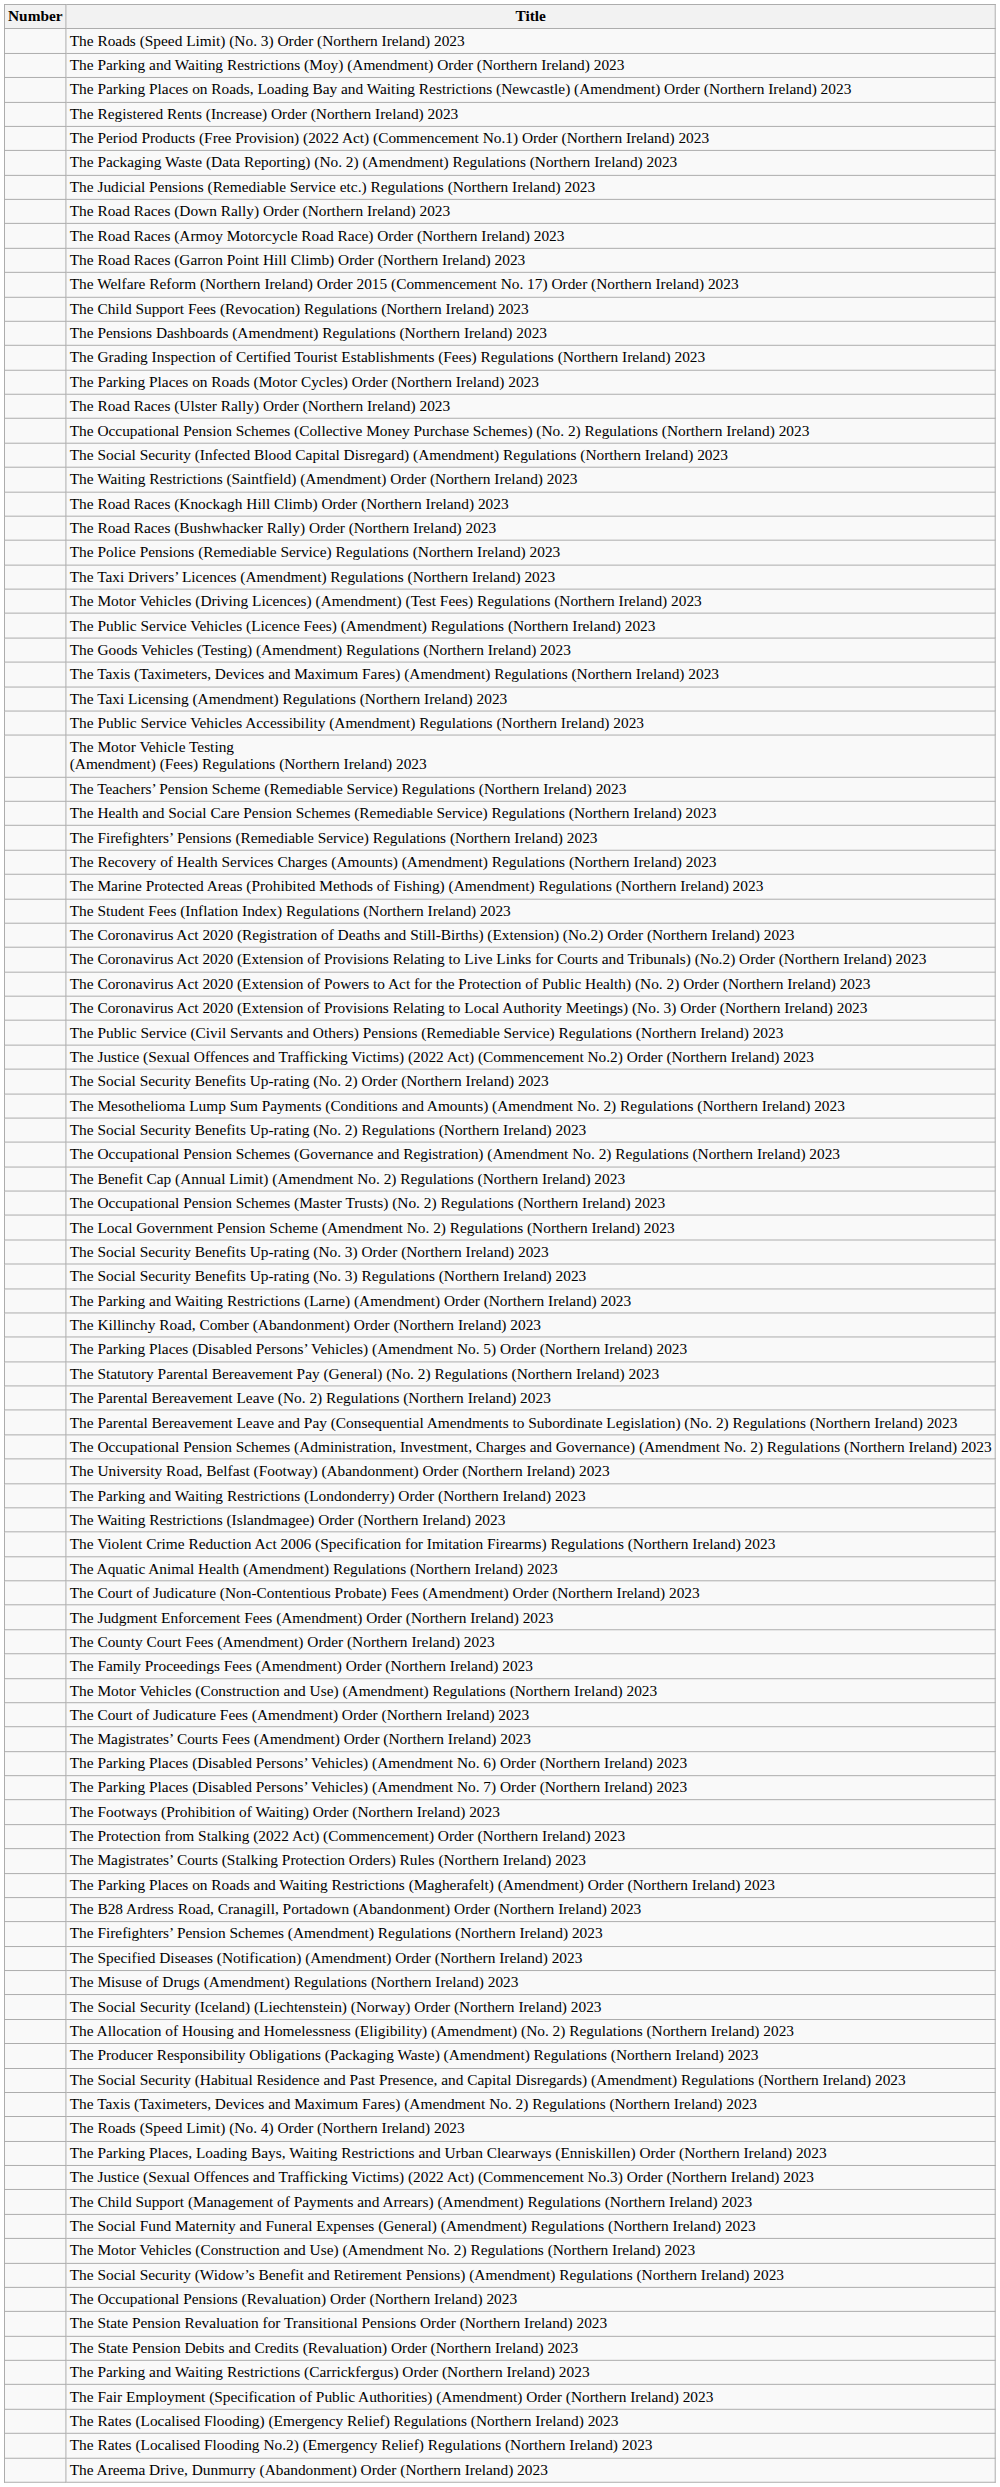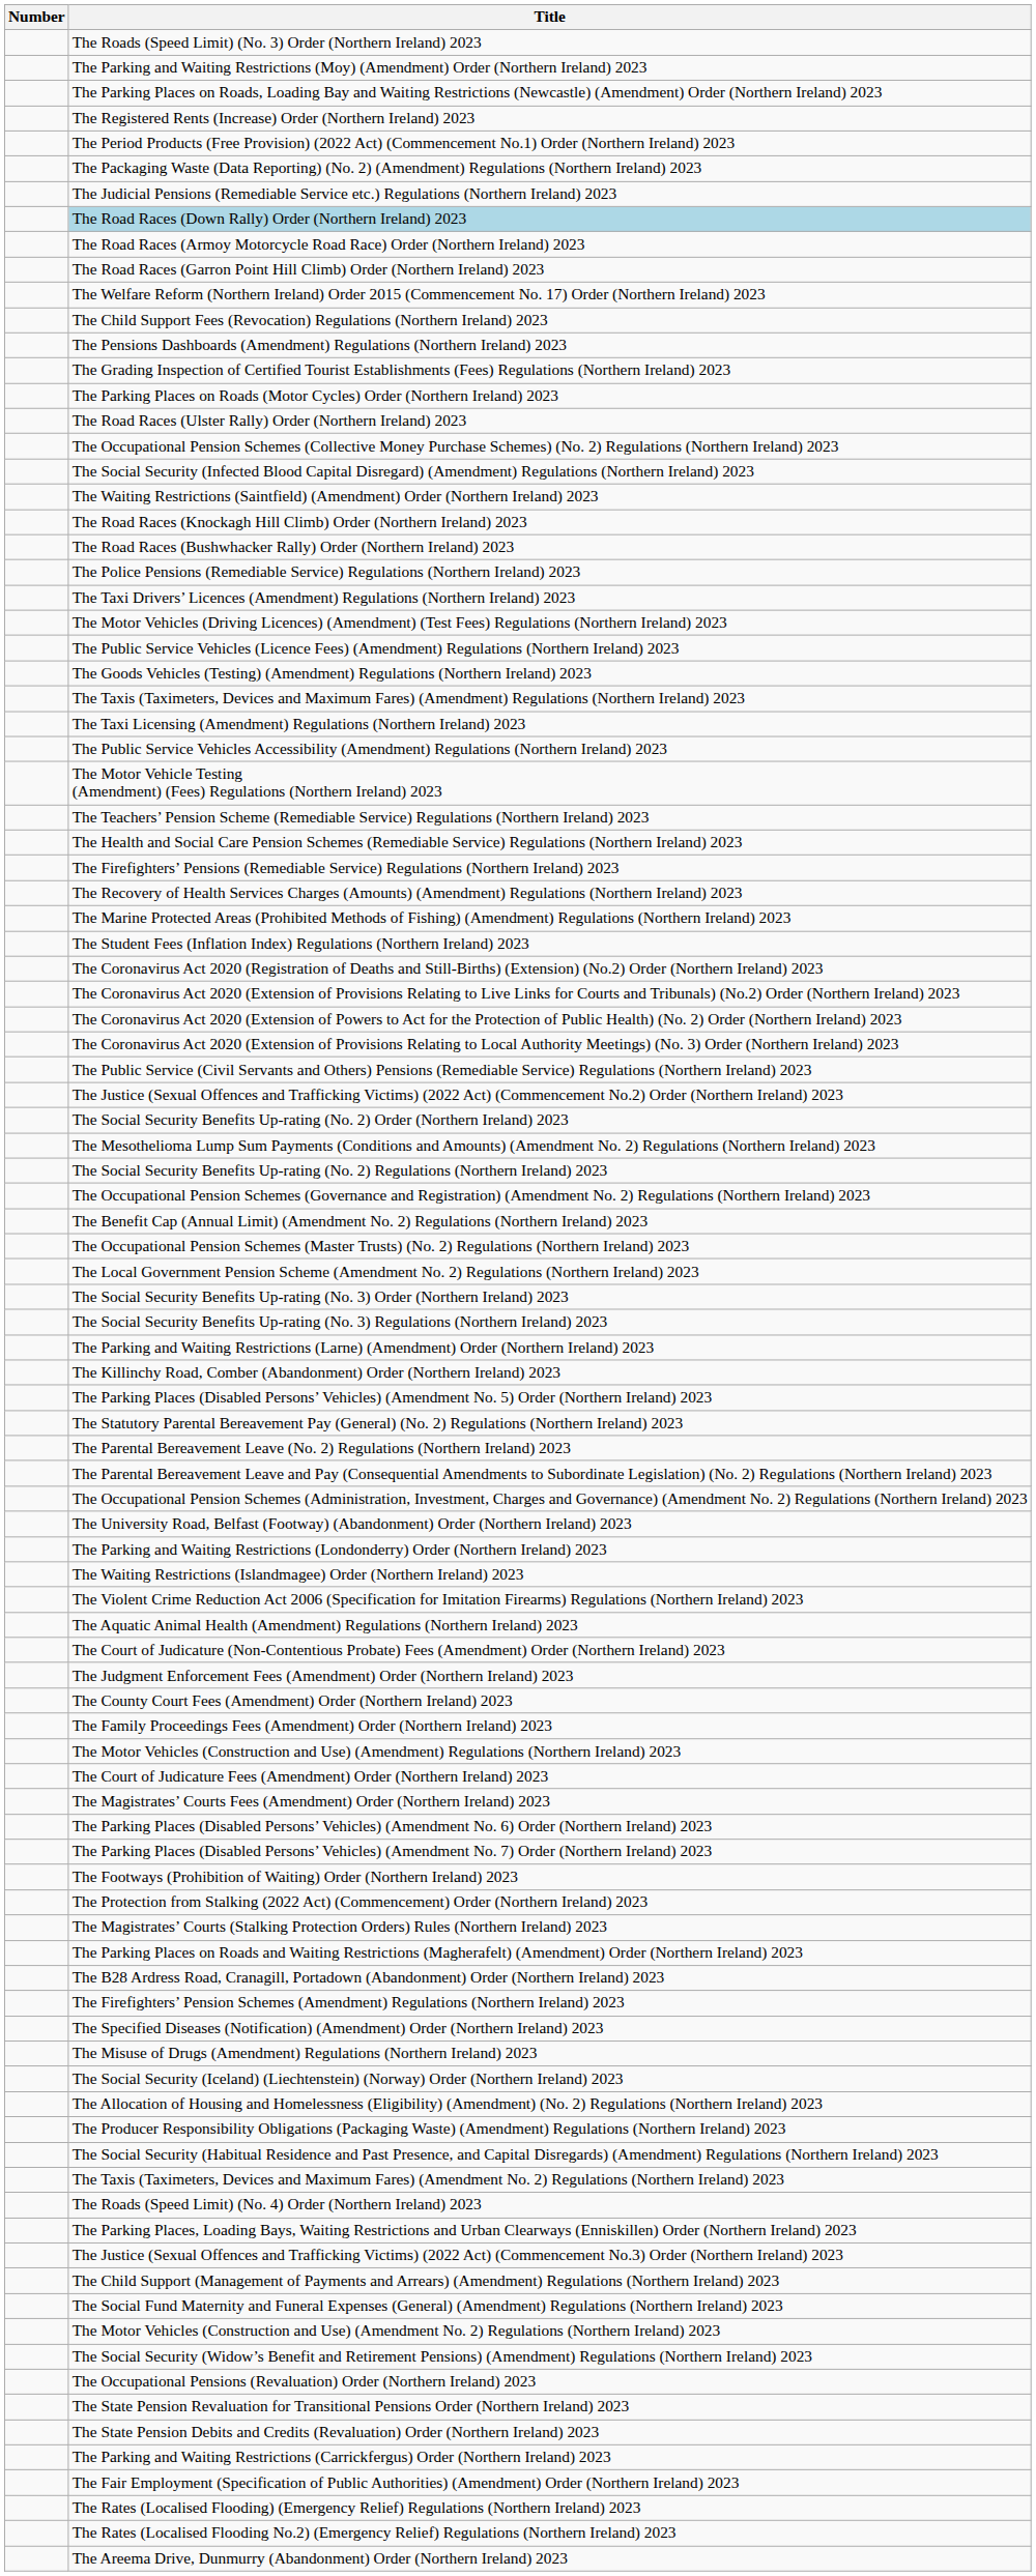 <table class="wikitable collapsible">
 <tr>
 <th>Number</th>
 <th>Title</th>
 </tr>
 <tr>
 <td></td>
 <td>The Roads (Speed Limit) (No. 3) Order (Northern Ireland) 2023</td>
 </tr>
 <tr>
 <td></td>
 <td>The Parking and Waiting Restrictions (Moy) (Amendment) Order (Northern Ireland) 2023</td>
 </tr>
 <tr>
 <td></td>
 <td>The Parking Places on Roads, Loading Bay and Waiting Restrictions (Newcastle) (Amendment) Order (Northern Ireland) 2023</td>
 </tr>
 <tr>
 <td></td>
 <td>The Registered Rents (Increase) Order (Northern Ireland) 2023</td>
 </tr>
 <tr>
 <td></td>
 <td>The Period Products (Free Provision) (2022 Act) (Commencement No.1) Order (Northern Ireland) 2023</td>
 </tr>
 <tr>
 <td></td>
 <td>The Packaging Waste (Data Reporting) (No. 2) (Amendment) Regulations (Northern Ireland) 2023</td>
 </tr>
 <tr>
 <td></td>
 <td>The Judicial Pensions (Remediable Service etc.) Regulations (Northern Ireland) 2023</td>
 </tr>
 <tr>
 <td></td>
-<td>The Road Races (Down Rally) Order (Northern Ireland) 2023</td>
+<td style="background: lightblue;">The Road Races (Down Rally) Order (Northern Ireland) 2023</td>
 </tr>
 <tr>
 <td></td>
 <td>The Road Races (Armoy Motorcycle Road Race) Order (Northern Ireland) 2023</td>
 </tr>
 <tr>
 <td></td>
 <td>The Road Races (Garron Point Hill Climb) Order (Northern Ireland) 2023</td>
 </tr>
 <tr>
 <td></td>
 <td>The Welfare Reform (Northern Ireland) Order 2015 (Commencement No. 17) Order (Northern Ireland) 2023</td>
 </tr>
 <tr>
 <td></td>
 <td>The Child Support Fees (Revocation) Regulations (Northern Ireland) 2023</td>
 </tr>
 <tr>
 <td></td>
 <td>The Pensions Dashboards (Amendment) Regulations (Northern Ireland) 2023</td>
 </tr>
 <tr>
 <td></td>
 <td>The Grading Inspection of Certified Tourist Establishments (Fees) Regulations (Northern Ireland) 2023</td>
 </tr>
 <tr>
 <td></td>
 <td>The Parking Places on Roads (Motor Cycles) Order (Northern Ireland) 2023</td>
 </tr>
 <tr>
 <td></td>
 <td>The Road Races (Ulster Rally) Order (Northern Ireland) 2023</td>
 </tr>
 <tr>
 <td></td>
 <td>The Occupational Pension Schemes (Collective Money Purchase Schemes) (No. 2) Regulations (Northern Ireland) 2023</td>
 </tr>
 <tr>
 <td></td>
 <td>The Social Security (Infected Blood Capital Disregard) (Amendment) Regulations (Northern Ireland) 2023</td>
 </tr>
 <tr>
 <td></td>
 <td>The Waiting Restrictions (Saintfield) (Amendment) Order (Northern Ireland) 2023</td>
 </tr>
 <tr>
 <td></td>
 <td>The Road Races (Knockagh Hill Climb) Order (Northern Ireland) 2023</td>
 </tr>
 <tr>
 <td></td>
 <td>The Road Races (Bushwhacker Rally) Order (Northern Ireland) 2023</td>
 </tr>
 <tr>
 <td></td>
 <td>The Police Pensions (Remediable Service) Regulations (Northern Ireland) 2023</td>
 </tr>
 <tr>
 <td></td>
 <td>The Taxi Drivers’ Licences (Amendment) Regulations (Northern Ireland) 2023</td>
 </tr>
 <tr>
 <td></td>
 <td>The Motor Vehicles (Driving Licences) (Amendment) (Test Fees) Regulations (Northern Ireland) 2023</td>
 </tr>
 <tr>
 <td></td>
 <td>The Public Service Vehicles (Licence Fees) (Amendment) Regulations (Northern Ireland) 2023</td>
 </tr>
 <tr>
 <td></td>
 <td>The Goods Vehicles (Testing) (Amendment) Regulations (Northern Ireland) 2023</td>
 </tr>
 <tr>
 <td></td>
 <td>The Taxis (Taximeters, Devices and Maximum Fares) (Amendment) Regulations (Northern Ireland) 2023</td>
 </tr>
 <tr>
 <td></td>
 <td>The Taxi Licensing (Amendment) Regulations (Northern Ireland) 2023</td>
 </tr>
 <tr>
 <td></td>
 <td>The Public Service Vehicles Accessibility (Amendment) Regulations (Northern Ireland) 2023</td>
 </tr>
 <tr>
 <td></td>
 <td>The Motor Vehicle Testing<br>(Amendment) (Fees) Regulations (Northern Ireland) 2023</td>
 </tr>
 <tr>
 <td></td>
 <td>The Teachers’ Pension Scheme (Remediable Service) Regulations (Northern Ireland) 2023</td>
 </tr>
 <tr>
 <td></td>
 <td>The Health and Social Care Pension Schemes (Remediable Service) Regulations (Northern Ireland) 2023</td>
 </tr>
 <tr>
 <td></td>
 <td>The Firefighters’ Pensions (Remediable Service) Regulations (Northern Ireland) 2023</td>
 </tr>
 <tr>
 <td></td>
 <td>The Recovery of Health Services Charges (Amounts) (Amendment) Regulations (Northern Ireland) 2023</td>
 </tr>
 <tr>
 <td></td>
 <td>The Marine Protected Areas (Prohibited Methods of Fishing) (Amendment) Regulations (Northern Ireland) 2023</td>
 </tr>
 <tr>
 <td></td>
 <td>The Student Fees (Inflation Index) Regulations (Northern Ireland) 2023</td>
 </tr>
 <tr>
 <td></td>
 <td>The Coronavirus Act 2020 (Registration of Deaths and Still-Births) (Extension) (No.2) Order (Northern Ireland) 2023</td>
 </tr>
 <tr>
 <td></td>
 <td>The Coronavirus Act 2020 (Extension of Provisions Relating to Live Links for Courts and Tribunals) (No.2) Order (Northern Ireland) 2023</td>
 </tr>
 <tr>
 <td></td>
 <td>The Coronavirus Act 2020 (Extension of Powers to Act for the Protection of Public Health) (No. 2) Order (Northern Ireland) 2023</td>
 </tr>
 <tr>
 <td></td>
 <td>The Coronavirus Act 2020 (Extension of Provisions Relating to Local Authority Meetings) (No. 3) Order (Northern Ireland) 2023</td>
 </tr>
 <tr>
 <td></td>
 <td>The Public Service (Civil Servants and Others) Pensions (Remediable Service) Regulations (Northern Ireland) 2023</td>
 </tr>
 <tr>
 <td></td>
 <td>The Justice (Sexual Offences and Trafficking Victims) (2022 Act) (Commencement No.2) Order (Northern Ireland) 2023</td>
 </tr>
 <tr>
 <td></td>
 <td>The Social Security Benefits Up-rating (No. 2) Order (Northern Ireland) 2023</td>
 </tr>
 <tr>
 <td></td>
 <td>The Mesothelioma Lump Sum Payments (Conditions and Amounts) (Amendment No. 2) Regulations (Northern Ireland) 2023</td>
 </tr>
 <tr>
 <td></td>
 <td>The Social Security Benefits Up-rating (No. 2) Regulations (Northern Ireland) 2023</td>
 </tr>
 <tr>
 <td></td>
 <td>The Occupational Pension Schemes (Governance and Registration) (Amendment No. 2) Regulations (Northern Ireland) 2023</td>
 </tr>
 <tr>
 <td></td>
 <td>The Benefit Cap (Annual Limit) (Amendment No. 2) Regulations (Northern Ireland) 2023</td>
 </tr>
 <tr>
 <td></td>
 <td>The Occupational Pension Schemes (Master Trusts) (No. 2) Regulations (Northern Ireland) 2023</td>
 </tr>
 <tr>
 <td></td>
 <td>The Local Government Pension Scheme (Amendment No. 2) Regulations (Northern Ireland) 2023</td>
 </tr>
 <tr>
 <td></td>
 <td>The Social Security Benefits Up-rating (No. 3) Order (Northern Ireland) 2023</td>
 </tr>
 <tr>
 <td></td>
 <td>The Social Security Benefits Up-rating (No. 3) Regulations (Northern Ireland) 2023</td>
 </tr>
 <tr>
 <td></td>
 <td>The Parking and Waiting Restrictions (Larne) (Amendment) Order (Northern Ireland) 2023</td>
 </tr>
 <tr>
 <td></td>
 <td>The Killinchy Road, Comber (Abandonment) Order (Northern Ireland) 2023</td>
 </tr>
 <tr>
 <td></td>
 <td>The Parking Places (Disabled Persons’ Vehicles) (Amendment No. 5) Order (Northern Ireland) 2023</td>
 </tr>
 <tr>
 <td></td>
 <td>The Statutory Parental Bereavement Pay (General) (No. 2) Regulations (Northern Ireland) 2023</td>
 </tr>
 <tr>
 <td></td>
 <td>The Parental Bereavement Leave (No. 2) Regulations (Northern Ireland) 2023</td>
 </tr>
 <tr>
 <td></td>
 <td>The Parental Bereavement Leave and Pay (Consequential Amendments to Subordinate Legislation) (No. 2) Regulations (Northern Ireland) 2023</td>
 </tr>
 <tr>
 <td></td>
 <td>The Occupational Pension Schemes (Administration, Investment, Charges and Governance) (Amendment No. 2) Regulations (Northern Ireland) 2023</td>
 </tr>
 <tr>
 <td></td>
 <td>The University Road, Belfast (Footway) (Abandonment) Order (Northern Ireland) 2023</td>
 </tr>
 <tr>
 <td></td>
 <td>The Parking and Waiting Restrictions (Londonderry) Order (Northern Ireland) 2023</td>
 </tr>
 <tr>
 <td></td>
 <td>The Waiting Restrictions (Islandmagee) Order (Northern Ireland) 2023</td>
 </tr>
 <tr>
 <td></td>
 <td>The Violent Crime Reduction Act 2006 (Specification for Imitation Firearms) Regulations (Northern Ireland) 2023</td>
 </tr>
 <tr>
 <td></td>
 <td>The Aquatic Animal Health (Amendment) Regulations (Northern Ireland) 2023</td>
 </tr>
 <tr>
 <td></td>
 <td>The Court of Judicature (Non-Contentious Probate) Fees (Amendment) Order (Northern Ireland) 2023</td>
 </tr>
 <tr>
 <td></td>
 <td>The Judgment Enforcement Fees (Amendment) Order (Northern Ireland) 2023</td>
 </tr>
 <tr>
 <td></td>
 <td>The County Court Fees (Amendment) Order (Northern Ireland) 2023</td>
 </tr>
 <tr>
 <td></td>
 <td>The Family Proceedings Fees (Amendment) Order (Northern Ireland) 2023</td>
 </tr>
 <tr>
 <td></td>
 <td>The Motor Vehicles (Construction and Use) (Amendment) Regulations (Northern Ireland) 2023</td>
 </tr>
 <tr>
 <td></td>
 <td>The Court of Judicature Fees (Amendment) Order (Northern Ireland) 2023</td>
 </tr>
 <tr>
 <td></td>
 <td>The Magistrates’ Courts Fees (Amendment) Order (Northern Ireland) 2023</td>
 </tr>
 <tr>
 <td></td>
 <td>The Parking Places (Disabled Persons’ Vehicles) (Amendment No. 6) Order (Northern Ireland) 2023</td>
 </tr>
 <tr>
 <td></td>
 <td>The Parking Places (Disabled Persons’ Vehicles) (Amendment No. 7) Order (Northern Ireland) 2023</td>
 </tr>
 <tr>
 <td></td>
 <td>The Footways (Prohibition of Waiting) Order (Northern Ireland) 2023</td>
 </tr>
 <tr>
 <td></td>
 <td>The Protection from Stalking (2022 Act) (Commencement) Order (Northern Ireland) 2023</td>
 </tr>
 <tr>
 <td></td>
 <td>The Magistrates’ Courts (Stalking Protection Orders) Rules (Northern Ireland) 2023</td>
 </tr>
 <tr>
 <td></td>
 <td>The Parking Places on Roads and Waiting Restrictions (Magherafelt) (Amendment) Order (Northern Ireland) 2023</td>
 </tr>
 <tr>
 <td></td>
 <td>The B28 Ardress Road, Cranagill, Portadown (Abandonment) Order (Northern Ireland) 2023</td>
 </tr>
 <tr>
 <td></td>
 <td>The Firefighters’ Pension Schemes (Amendment) Regulations (Northern Ireland) 2023</td>
 </tr>
 <tr>
 <td></td>
 <td>The Specified Diseases (Notification) (Amendment) Order (Northern Ireland) 2023</td>
 </tr>
 <tr>
 <td></td>
 <td>The Misuse of Drugs (Amendment) Regulations (Northern Ireland) 2023</td>
 </tr>
 <tr>
 <td></td>
 <td>The Social Security (Iceland) (Liechtenstein) (Norway) Order (Northern Ireland) 2023</td>
 </tr>
 <tr>
 <td></td>
 <td>The Allocation of Housing and Homelessness (Eligibility) (Amendment) (No. 2) Regulations (Northern Ireland) 2023</td>
 </tr>
 <tr>
 <td></td>
 <td>The Producer Responsibility Obligations (Packaging Waste) (Amendment) Regulations (Northern Ireland) 2023</td>
 </tr>
 <tr>
 <td></td>
 <td>The Social Security (Habitual Residence and Past Presence, and Capital Disregards) (Amendment) Regulations (Northern Ireland) 2023</td>
 </tr>
 <tr>
 <td></td>
 <td>The Taxis (Taximeters, Devices and Maximum Fares) (Amendment No. 2) Regulations (Northern Ireland) 2023</td>
 </tr>
 <tr>
 <td></td>
 <td>The Roads (Speed Limit) (No. 4) Order (Northern Ireland) 2023</td>
 </tr>
 <tr>
 <td></td>
 <td>The Parking Places, Loading Bays, Waiting Restrictions and Urban Clearways (Enniskillen) Order (Northern Ireland) 2023</td>
 </tr>
 <tr>
 <td></td>
 <td>The Justice (Sexual Offences and Trafficking Victims) (2022 Act) (Commencement No.3) Order (Northern Ireland) 2023</td>
 </tr>
 <tr>
 <td></td>
 <td>The Child Support (Management of Payments and Arrears) (Amendment) Regulations (Northern Ireland) 2023</td>
 </tr>
 <tr>
 <td></td>
 <td>The Social Fund Maternity and Funeral Expenses (General) (Amendment) Regulations (Northern Ireland) 2023</td>
 </tr>
 <tr>
 <td></td>
 <td>The Motor Vehicles (Construction and Use) (Amendment No. 2) Regulations (Northern Ireland) 2023</td>
 </tr>
 <tr>
 <td></td>
 <td>The Social Security (Widow’s Benefit and Retirement Pensions) (Amendment) Regulations (Northern Ireland) 2023</td>
 </tr>
 <tr>
 <td></td>
 <td>The Occupational Pensions (Revaluation) Order (Northern Ireland) 2023</td>
 </tr>
 <tr>
 <td></td>
 <td>The State Pension Revaluation for Transitional Pensions Order (Northern Ireland) 2023</td>
 </tr>
 <tr>
 <td></td>
 <td>The State Pension Debits and Credits (Revaluation) Order (Northern Ireland) 2023</td>
 </tr>
 <tr>
 <td></td>
 <td>The Parking and Waiting Restrictions (Carrickfergus) Order (Northern Ireland) 2023</td>
 </tr>
 <tr>
 <td></td>
 <td>The Fair Employment (Specification of Public Authorities) (Amendment) Order (Northern Ireland) 2023</td>
 </tr>
 <tr>
 <td></td>
 <td>The Rates (Localised Flooding) (Emergency Relief) Regulations (Northern Ireland) 2023</td>
 </tr>
 <tr>
 <td></td>
 <td>The Rates (Localised Flooding No.2) (Emergency Relief) Regulations (Northern Ireland) 2023</td>
 </tr>
 <tr>
 <td></td>
 <td>The Areema Drive, Dunmurry (Abandonment) Order (Northern Ireland) 2023</td>
 </tr>
 </table>
